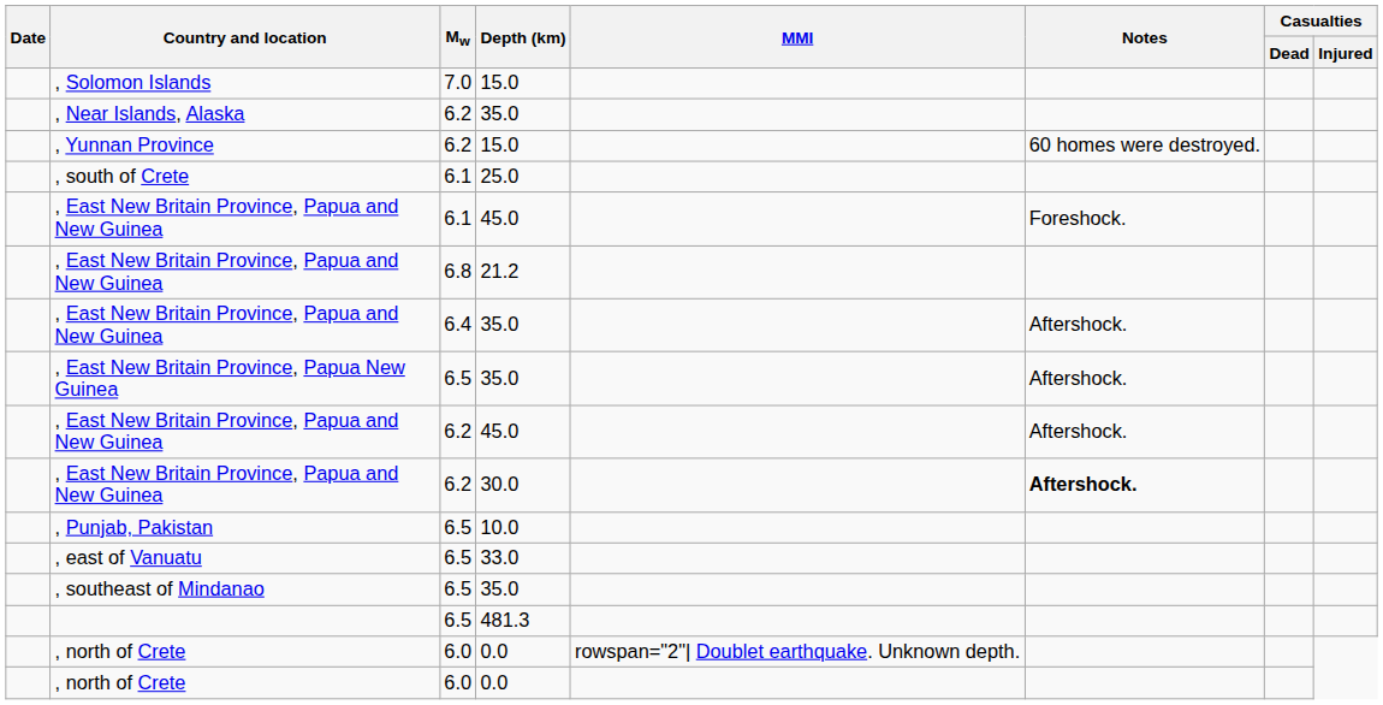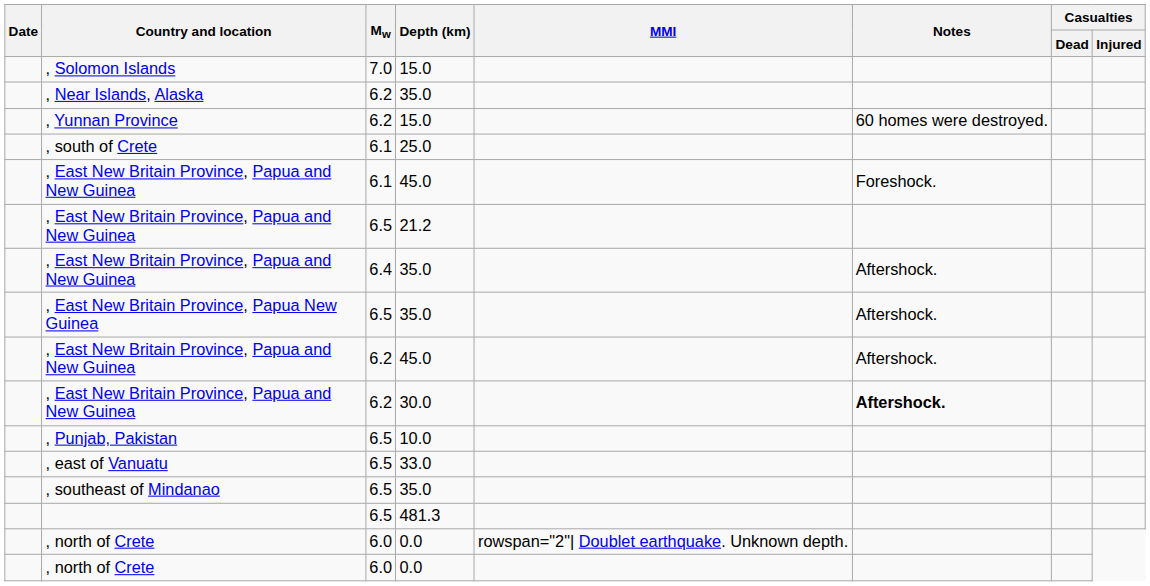 <table class="wikitable sortable sort-under" style="border:1px black; margin-left:1em;">
 <tr>
 <th rowspan="2"><small>Date</small></th>
 <th rowspan="2" style="width: 310px"><small>Country and location</small></th>
 <th rowspan="2"><small>M<sub>w</sub></small></th>
 <th rowspan="2"><small>Depth (km)</small></th>
 <th rowspan="2"><small><a href='#'>MMI</a></small></th>
 <th rowspan="2" class="unsortable"><small>Notes</small></th>
 <th colspan="2"><small>Casualties</small></th>
 </tr>
 <tr>
 <th><small>Dead</small></th>
 <th><small>Injured</small></th>
 </tr>
 <tr>
 <td></td>
 <td>, <a href='#'>Solomon Islands</a></td>
 <td>7.0</td>
 <td>15.0</td>
 <td></td>
 <td></td>
 <td></td>
 <td></td>
 </tr>
 <tr>
 <td></td>
 <td>, <a href='#'>Near Islands</a>, <a href='#'>Alaska</a></td>
 <td>6.2</td>
 <td>35.0</td>
 <td></td>
 <td></td>
 <td></td>
 <td></td>
 </tr>
 <tr>
 <td></td>
 <td>, <a href='#'>Yunnan Province</a></td>
 <td>6.2</td>
 <td>15.0</td>
 <td></td>
 <td>60 homes were destroyed.</td>
 <td></td>
 <td></td>
 </tr>
 <tr>
 <td></td>
 <td>, south of <a href='#'>Crete</a></td>
 <td>6.1</td>
 <td>25.0</td>
 <td></td>
 <td></td>
 <td></td>
 <td></td>
 </tr>
 <tr>
 <td></td>
 <td>, <a href='#'>East New Britain Province</a>, <a href='#'>Papua and New Guinea</a></td>
 <td>6.1</td>
 <td>45.0</td>
 <td></td>
 <td>Foreshock.</td>
 <td></td>
 <td></td>
 </tr>
 <tr>
 <td></td>
 <td>, <a href='#'>East New Britain Province</a>, <a href='#'>Papua and New Guinea</a></td>
-<td>6.8</td>
+<td>6.5</td>
 <td>21.2</td>
 <td></td>
 <td></td>
 <td></td>
 <td></td>
 </tr>
 <tr>
 <td></td>
 <td>, <a href='#'>East New Britain Province</a>, <a href='#'>Papua and New Guinea</a></td>
 <td>6.4</td>
 <td>35.0</td>
 <td></td>
 <td>Aftershock.</td>
 <td></td>
 <td></td>
 </tr>
 <tr>
 <td></td>
 <td>, <a href='#'>East New Britain Province</a>, <a href='#'>Papua New Guinea</a></td>
 <td>6.5</td>
 <td>35.0</td>
 <td></td>
 <td>Aftershock.</td>
 <td></td>
 <td></td>
 </tr>
 <tr>
 <td></td>
 <td>, <a href='#'>East New Britain Province</a>, <a href='#'>Papua and New Guinea</a></td>
 <td>6.2</td>
 <td>45.0</td>
 <td></td>
 <td>Aftershock.</td>
 <td></td>
 <td></td>
 </tr>
 <tr>
 <td></td>
 <td>, <a href='#'>East New Britain Province</a>, <a href='#'>Papua and New Guinea</a></td>
 <td>6.2</td>
 <td>30.0</td>
 <td></td>
 <td><strong>Aftershock.</strong></td>
 <td></td>
 <td></td>
 </tr>
 <tr>
 <td></td>
 <td>, <a href='#'>Punjab, Pakistan</a></td>
 <td>6.5</td>
 <td>10.0</td>
 <td></td>
 <td></td>
 <td></td>
 <td></td>
 </tr>
 <tr>
 <td></td>
 <td>, east of <a href='#'>Vanuatu</a></td>
 <td>6.5</td>
 <td>33.0</td>
 <td></td>
 <td></td>
 <td></td>
 <td></td>
 </tr>
 <tr>
 <td></td>
 <td>, southeast of <a href='#'>Mindanao</a></td>
 <td>6.5</td>
 <td>35.0</td>
 <td></td>
 <td></td>
 <td></td>
 <td></td>
 </tr>
 <tr>
 <td></td>
 <td></td>
 <td>6.5</td>
 <td>481.3</td>
 <td></td>
 <td></td>
 <td></td>
 <td></td>
 </tr>
 <tr>
 <td></td>
 <td>, north of <a href='#'>Crete</a></td>
 <td>6.0</td>
 <td>0.0</td>
 <td>rowspan="2"| <a href='#'>Doublet earthquake</a>. Unknown depth.</td>
 <td></td>
 <td></td>
 </tr>
 <tr>
 <td></td>
 <td>, north of <a href='#'>Crete</a></td>
 <td>6.0</td>
 <td>0.0</td>
 <td></td>
 <td></td>
 <td></td>
 </tr>
 </table>
